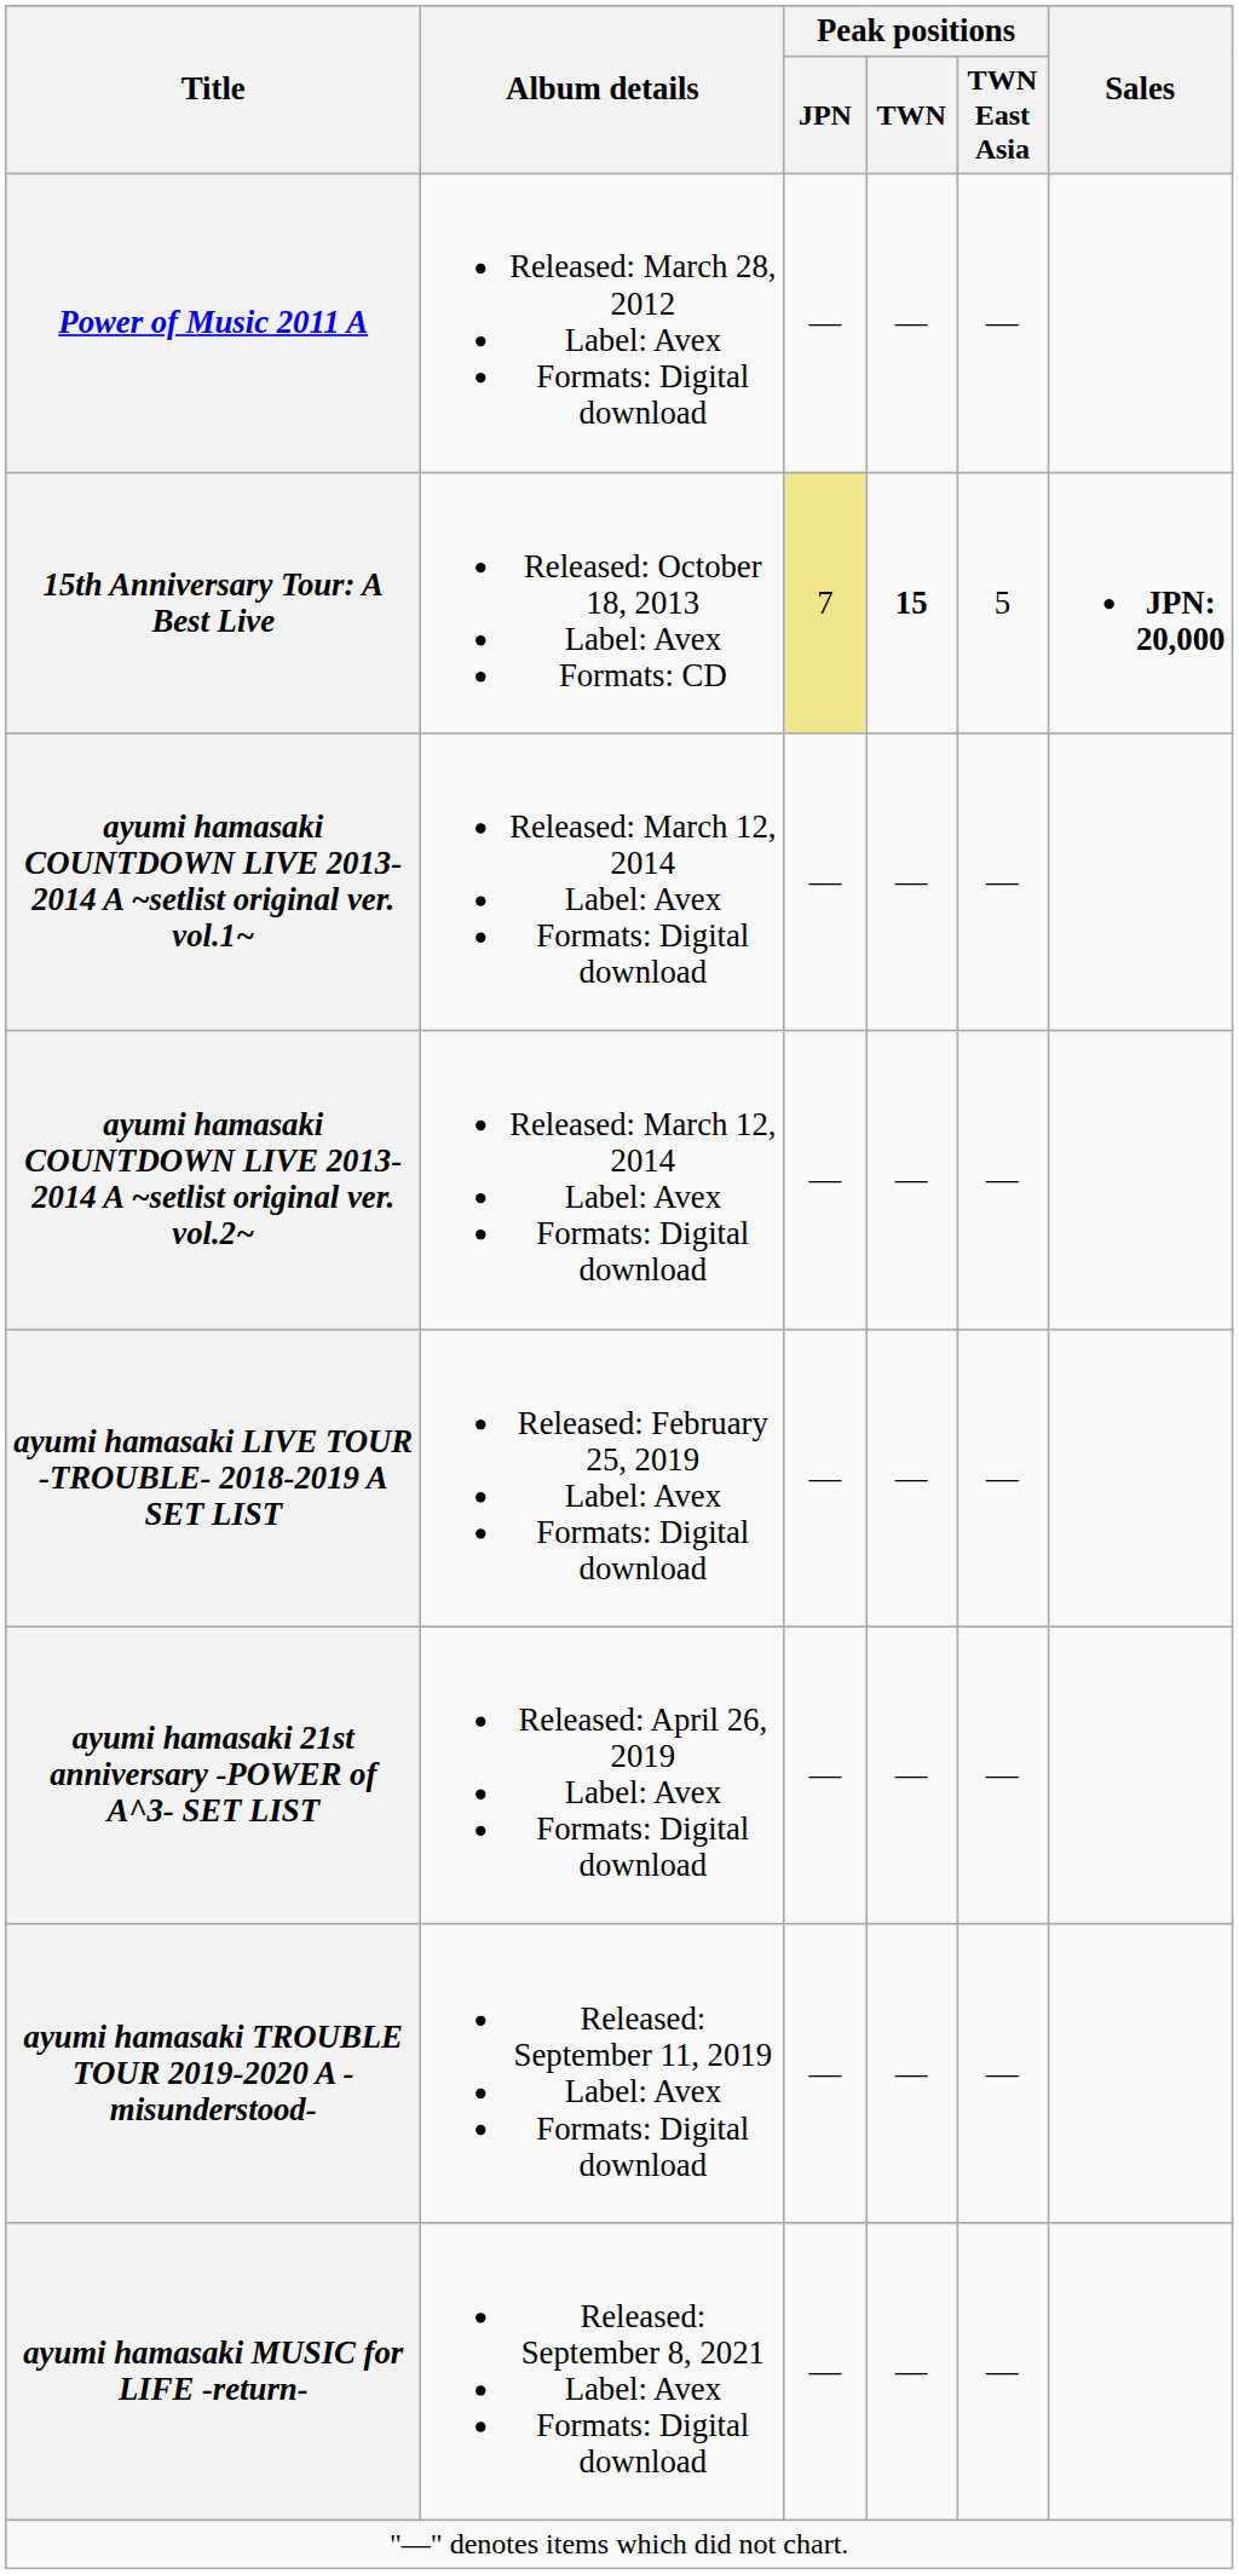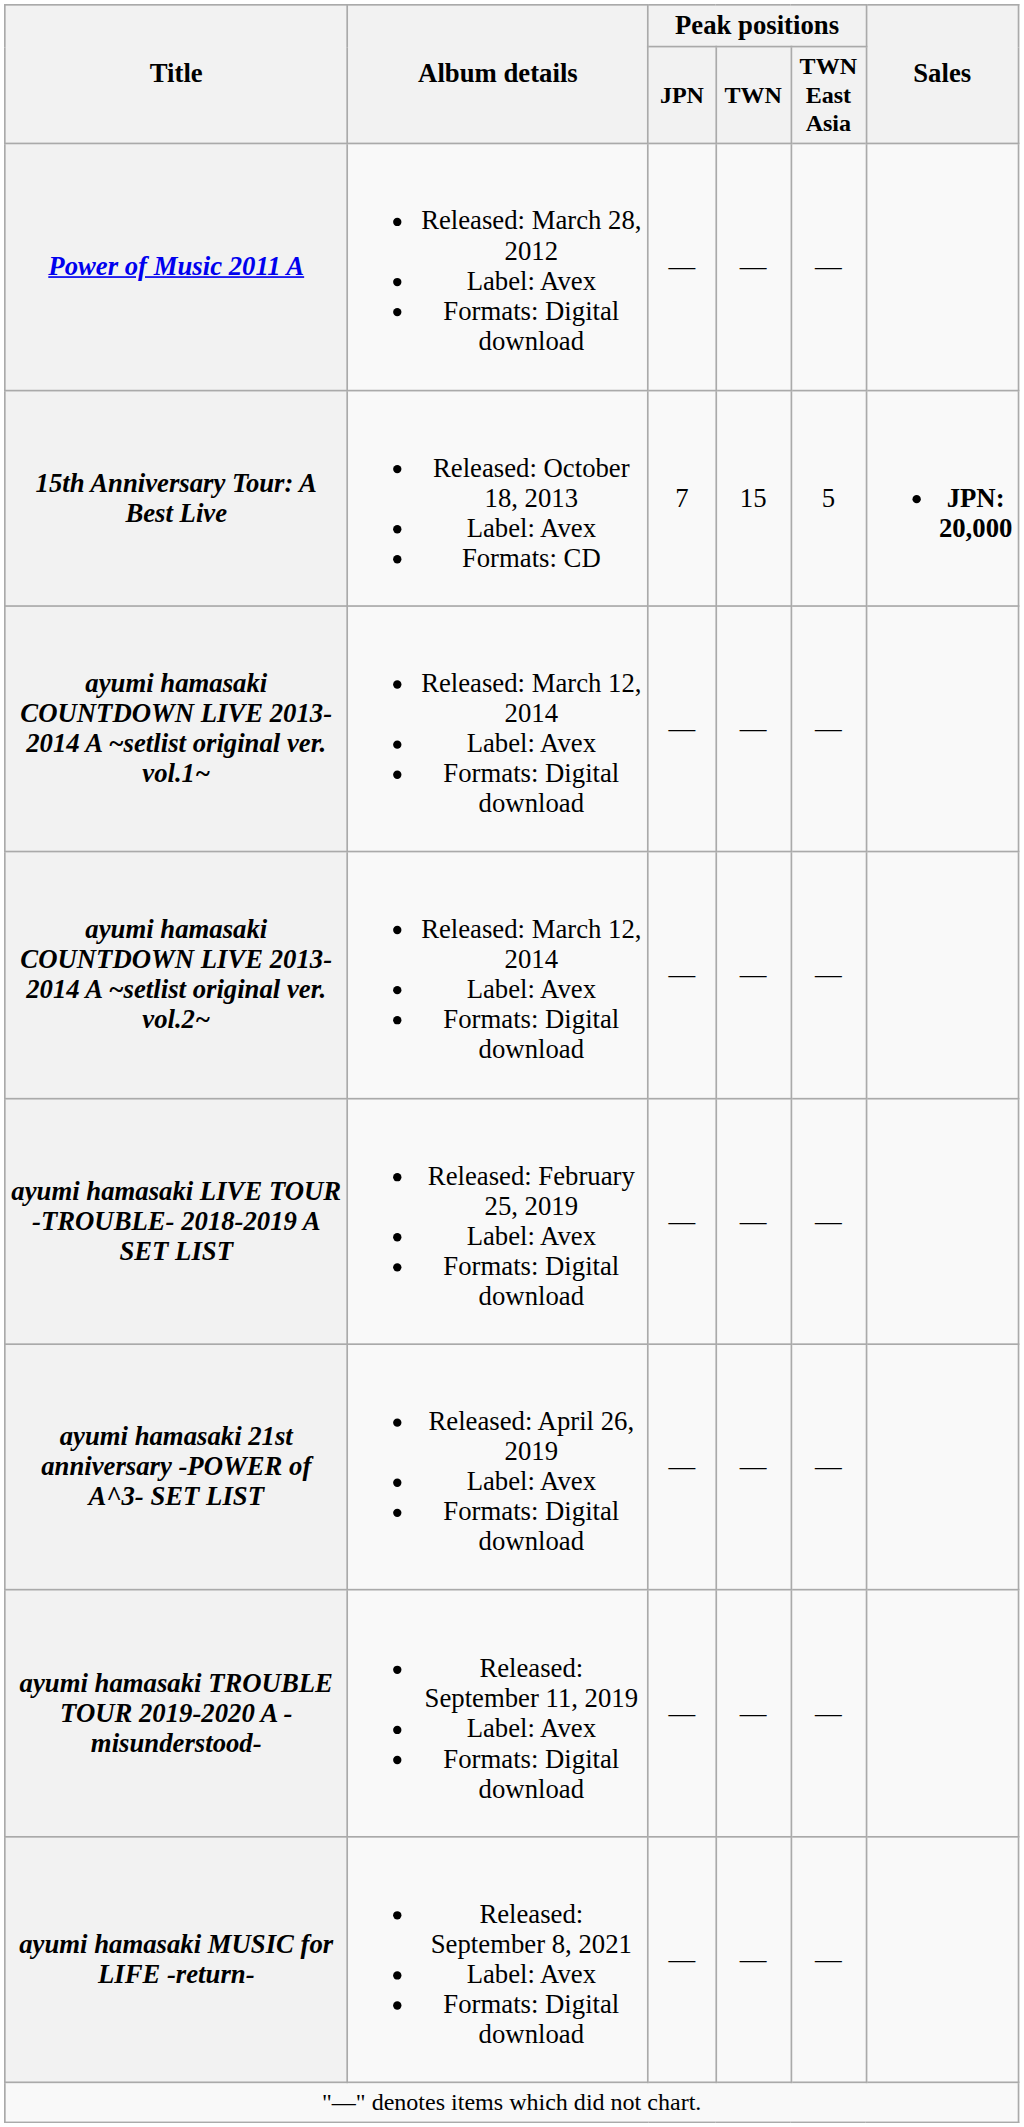 <table class="wikitable plainrowheaders" style="text-align:center;">
 <tr>
 <th style="width:20em;" rowspan="2">Title</th>
 <th style="width:16em;" rowspan="2">Album details</th>
 <th colspan="3">Peak positions</th>
 <th rowspan="2">Sales</th>
 </tr>
 <tr>
 <th scope="col" style="width:3em;font-size:90%;">JPN<br></th>
 <th scope="col" style="width:3em;font-size:90%;">TWN<br></th>
 <th scope="col" style="width:3em;font-size:90%;">TWN East Asia<br></th>
 </tr>
 <tr>
 <th scope="row"><em><a href='#'>Power of Music 2011 A</a></em></th>
 <td><br><ul><li>Released: March 28, 2012</li><li>Label: Avex</li><li>Formats: Digital download</li></ul></td>
 <td>—</td>
 <td>—</td>
 <td>—</td>
 <td></td>
 </tr>
 <tr>
 <th scope="row"><em>15th Anniversary Tour: A Best Live</em></th>
 <td><br><ul><li>Released: October 18, 2013</li><li>Label: Avex</li><li>Formats: CD</li></ul></td>
-<td style="background: khaki;">7</td>
-<td><strong>15</strong></td>
+<td>7</td>
+<td>15</td>
 <td>5</td>
 <td><strong><br><ul><li>JPN: 20,000</li></ul></strong></td>
 </tr>
 <tr>
 <th scope="row"><em>ayumi hamasaki COUNTDOWN LIVE 2013-2014 A ~setlist original ver. vol.1~</em></th>
 <td><br><ul><li>Released: March 12, 2014</li><li>Label: Avex</li><li>Formats: Digital download</li></ul></td>
 <td>—</td>
 <td>—</td>
 <td>—</td>
 <td></td>
 </tr>
 <tr>
 <th scope="row"><em>ayumi hamasaki COUNTDOWN LIVE 2013-2014 A ~setlist original ver. vol.2~</em></th>
 <td><br><ul><li>Released: March 12, 2014</li><li>Label: Avex</li><li>Formats: Digital download</li></ul></td>
 <td>—</td>
 <td>—</td>
 <td>—</td>
 <td></td>
 </tr>
 <tr>
 <th scope="row"><em>ayumi hamasaki LIVE TOUR -TROUBLE- 2018-2019 A SET LIST</em></th>
 <td><br><ul><li>Released: February 25, 2019</li><li>Label: Avex</li><li>Formats: Digital download</li></ul></td>
 <td>—</td>
 <td>—</td>
 <td>—</td>
 <td></td>
 </tr>
 <tr>
 <th scope="row"><em>ayumi hamasaki 21st anniversary -POWER of A^3- SET LIST</em></th>
 <td><br><ul><li>Released: April 26, 2019</li><li>Label: Avex</li><li>Formats: Digital download</li></ul></td>
 <td>—</td>
 <td>—</td>
 <td>—</td>
 <td></td>
 </tr>
 <tr>
 <th scope="row"><em>ayumi hamasaki TROUBLE TOUR 2019-2020 A -misunderstood-</em></th>
 <td><br><ul><li>Released: September 11, 2019</li><li>Label: Avex</li><li>Formats: Digital download</li></ul></td>
 <td>—</td>
 <td>—</td>
 <td>—</td>
 <td></td>
 </tr>
 <tr>
 <th scope="row"><em>ayumi hamasaki MUSIC for LIFE -return-</em></th>
 <td><br><ul><li>Released: September 8, 2021</li><li>Label: Avex</li><li>Formats: Digital download</li></ul></td>
 <td>—</td>
 <td>—</td>
 <td>—</td>
 <td></td>
 </tr>
 <tr>
 <td colspan="12" align="center" style="font-size:90%;">"—" denotes items which did not chart.</td>
 </tr>
 </table>
